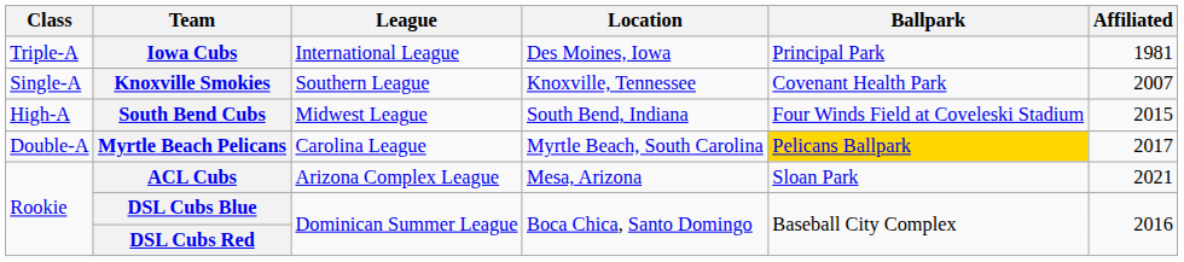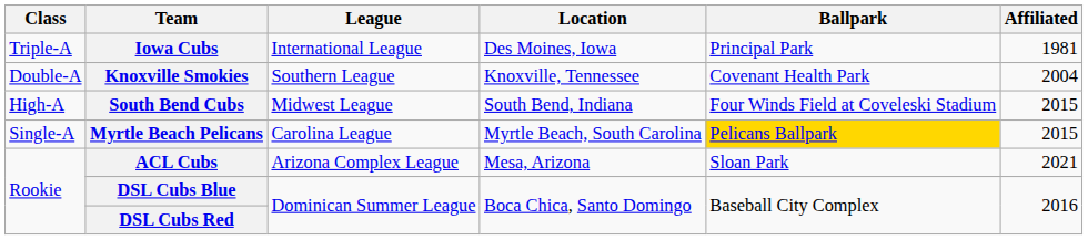 <table class="wikitable plainrowheaders sortable">
 <tr>
 <th scope="col">Class</th>
 <th scope="col">Team</th>
 <th scope="col">League</th>
 <th scope="col">Location</th>
 <th scope="col">Ballpark</th>
 <th scope="col">Affiliated</th>
 </tr>
 <tr>
 <td><a href='#'>Triple-A</a></td>
 <th scope="row"><a href='#'>Iowa Cubs</a></th>
 <td><a href='#'>International League</a></td>
 <td><a href='#'>Des Moines, Iowa</a></td>
 <td><a href='#'>Principal Park</a></td>
 <td align="right">1981</td>
 </tr>
 <tr>
-<td><a href='#'>Single-A</a></td>
+<td><a href='#'>Double-A</a></td>
 <th scope="row"><a href='#'>Knoxville Smokies</a></th>
 <td><a href='#'>Southern League</a></td>
 <td><a href='#'>Knoxville, Tennessee</a></td>
 <td><a href='#'>Covenant Health Park</a></td>
-<td align="right">2007</td>
+<td align="right">2004</td>
 </tr>
 <tr>
 <td><a href='#'>High-A</a></td>
 <th scope="row"><a href='#'>South Bend Cubs</a></th>
 <td><a href='#'>Midwest League</a></td>
 <td><a href='#'>South Bend, Indiana</a></td>
 <td><a href='#'>Four Winds Field at Coveleski Stadium</a></td>
 <td align="right">2015</td>
 </tr>
 <tr>
-<td><a href='#'>Double-A</a></td>
+<td><a href='#'>Single-A</a></td>
 <th scope="row"><a href='#'>Myrtle Beach Pelicans</a></th>
 <td><a href='#'>Carolina League</a></td>
 <td><a href='#'>Myrtle Beach, South Carolina</a></td>
 <td style="background: gold;"><a href='#'>Pelicans Ballpark</a></td>
-<td align="right">2017</td>
+<td align="right">2015</td>
 </tr>
 <tr>
 <td rowspan=3><a href='#'>Rookie</a></td>
 <th scope="row"><a href='#'>ACL Cubs</a></th>
 <td><a href='#'>Arizona Complex League</a></td>
 <td><a href='#'>Mesa, Arizona</a></td>
 <td><a href='#'>Sloan Park</a></td>
 <td align="right">2021</td>
 </tr>
 <tr>
 <th scope="row"><a href='#'>DSL Cubs Blue</a></th>
 <td rowspan=2><a href='#'>Dominican Summer League</a></td>
 <td rowspan=2><a href='#'>Boca Chica</a>, <a href='#'>Santo Domingo</a></td>
 <td rowspan=2>Baseball City Complex</td>
 <td rowspan=2 align="right">2016</td>
 </tr>
 <tr>
 <th scope="row"><a href='#'>DSL Cubs Red</a></th>
 </tr>
 </table>
